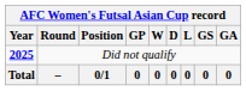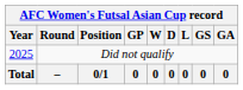 <table class="wikitable" style="text-align: center;font-size:90%;">
 <tr>
 <th colspan=9><a href='#'>AFC Women's Futsal Asian Cup</a> record</th>
 </tr>
 <tr>
 <th>Year</th>
 <th>Round</th>
 <th>Position</th>
 <th>GP</th>
 <th>W</th>
 <th>D</th>
 <th>L</th>
 <th>GS</th>
 <th>GA</th>
 </tr>
 <tr>
-<td><strong> <a href='#'>2025</a></strong></td>
+<td> <a href='#'>2025</a></td>
 <td colspan=8><em>Did not qualify</em></td>
 </tr>
 <tr>
 <th><strong>Total</strong></th>
 <th>–</th>
 <th><strong>0/1</strong></th>
 <th><strong>0</strong></th>
 <th><strong>0</strong></th>
 <th><strong>0</strong></th>
 <th><strong>0</strong></th>
 <th><strong>0</strong></th>
 <th><strong>0</strong></th>
 </tr>
 </table>
